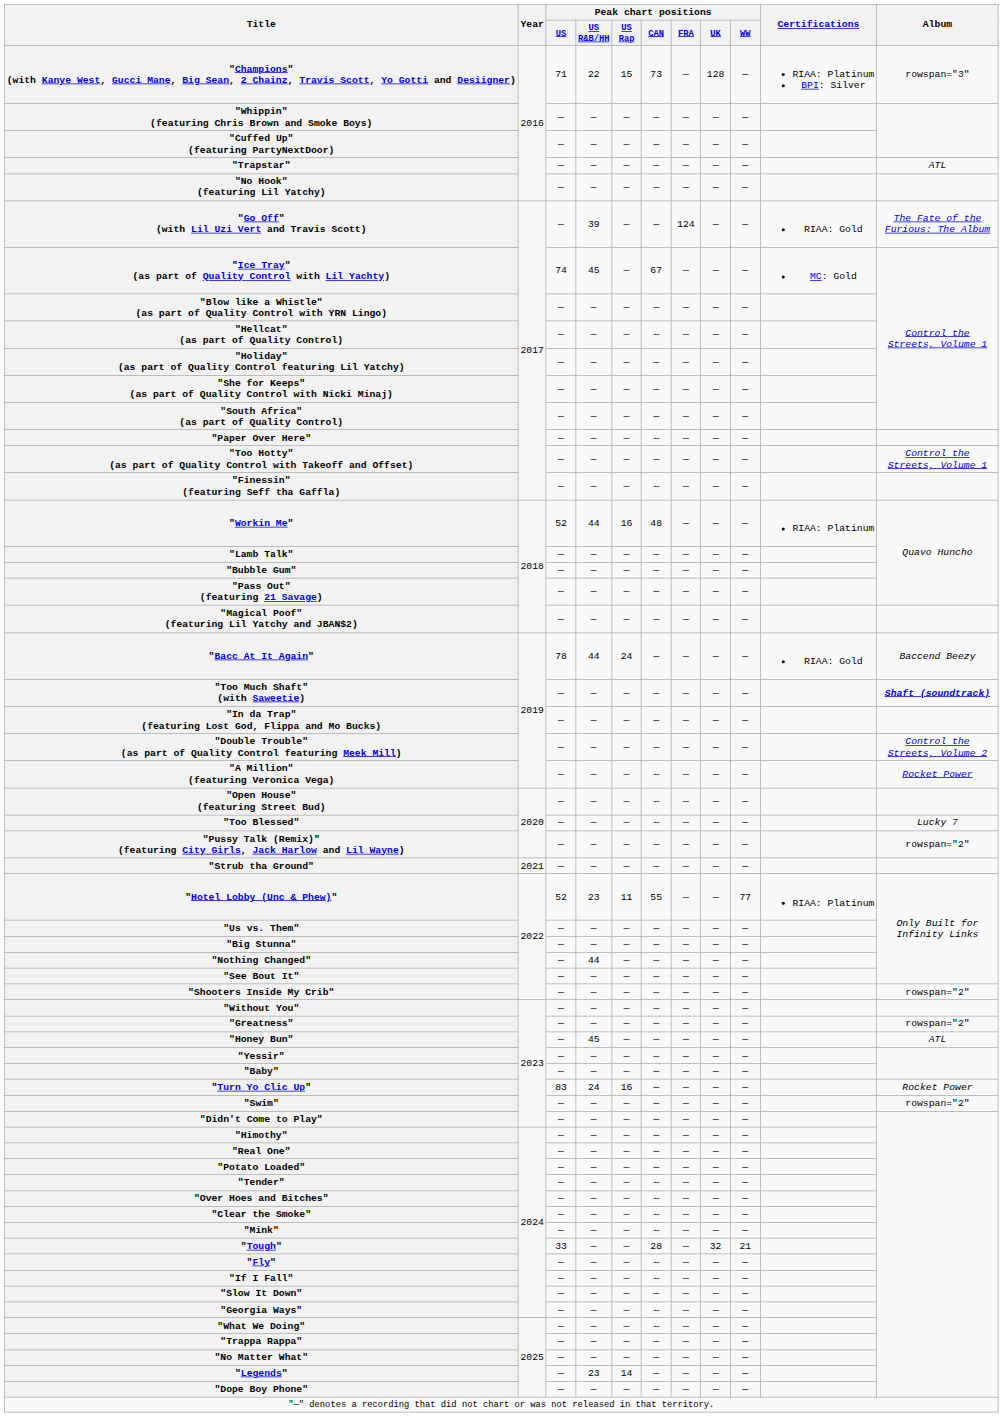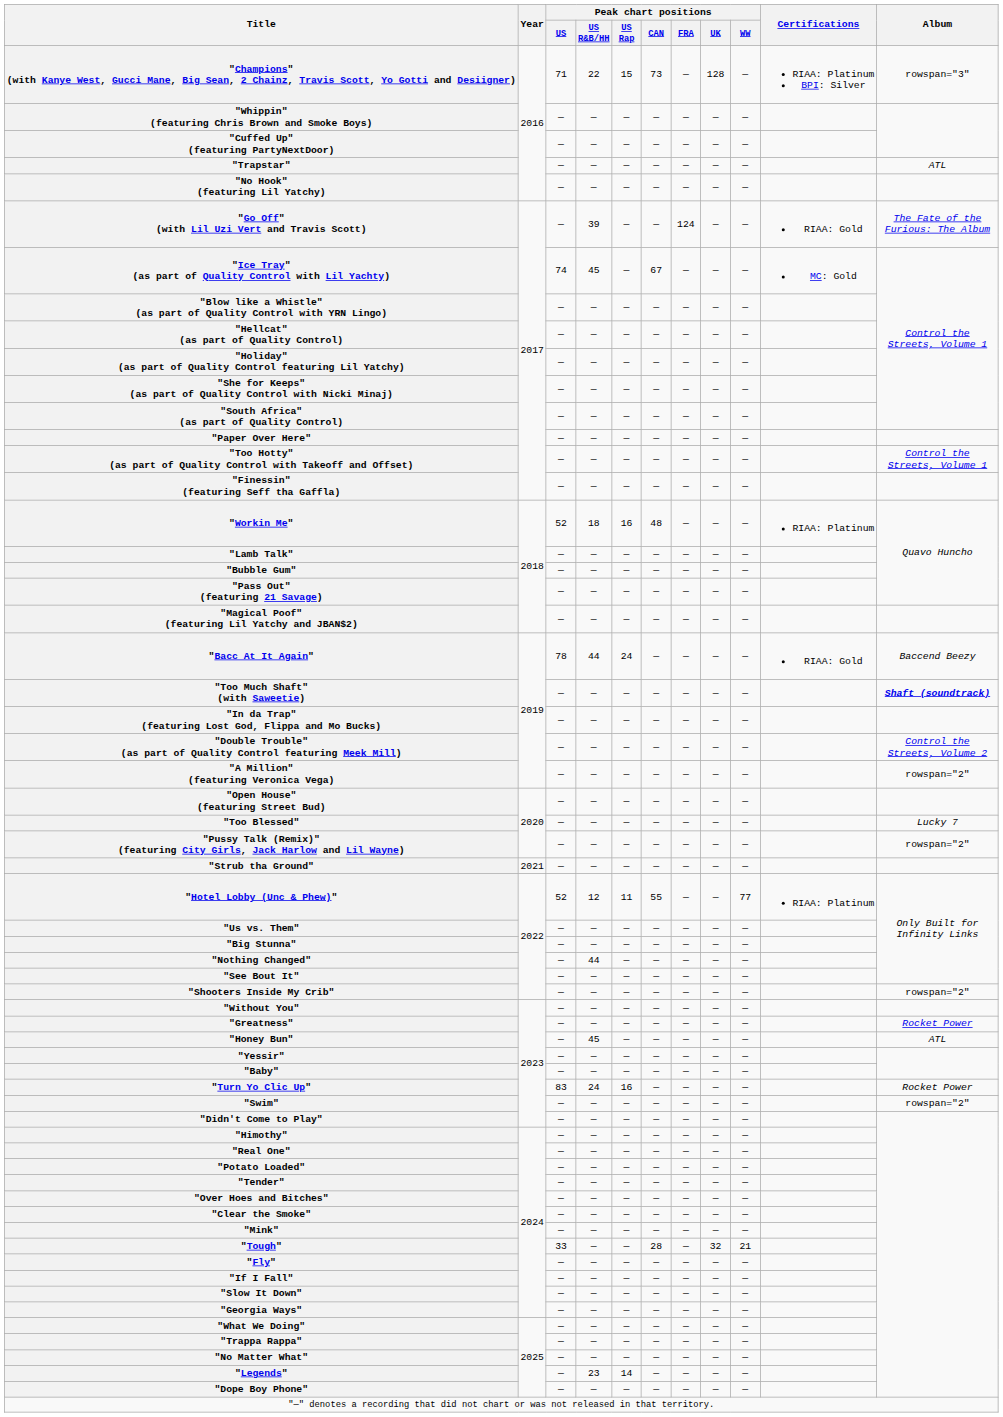 <table class="wikitable plainrowheaders" style="text-align:center;">
 <tr>
 <th scope="col" rowspan="2">Title</th>
 <th scope="col" rowspan="2">Year</th>
 <th scope="col" colspan="7">Peak chart positions</th>
 <th scope="col" rowspan="2"><a href='#'>Certifications</a></th>
 <th scope="col" rowspan="2" style="width:12em;">Album</th>
 </tr>
 <tr>
 <th scope="col" style="width:2.9em;font-size:90%;"><a href='#'>US</a><br></th>
 <th scope="col" style="width:2.9em;font-size:90%;"><a href='#'>US<br>R&B/HH</a><br></th>
 <th scope="col" style="width:2.9em;font-size:90%;"><a href='#'>US<br>Rap</a><br></th>
 <th scope="col" style="width:2.9em;font-size:90%;"><a href='#'>CAN</a><br></th>
 <th scope="col" style="width:2.9em;font-size:90%;"><a href='#'>FRA</a><br></th>
 <th scope="col" style="width:2.9em;font-size:90%;"><a href='#'>UK</a><br></th>
 <th scope="col" style="width:2.9em;font-size:90%;"><a href='#'>WW</a><br></th>
 </tr>
 <tr>
 <th scope="row">"<a href='#'>Champions</a>"<br><span>(with <a href='#'>Kanye West</a>, <a href='#'>Gucci Mane</a>, <a href='#'>Big Sean</a>, <a href='#'>2 Chainz</a>, <a href='#'>Travis Scott</a>, <a href='#'>Yo Gotti</a> and <a href='#'>Desiigner</a>)</span></th>
 <td rowspan="5">2016</td>
 <td>71</td>
 <td>22</td>
 <td>15</td>
 <td>73</td>
 <td>—</td>
 <td>128</td>
 <td>—</td>
 <td><br><ul><li>RIAA: Platinum</li><li><a href='#'>BPI</a>: Silver</li></ul></td>
 <td>rowspan="3" </td>
 </tr>
 <tr>
 <th scope="row">"Whippin" <span><br>(featuring Chris Brown and Smoke Boys)</span></th>
 <td>—</td>
 <td>—</td>
 <td>—</td>
 <td>—</td>
 <td>—</td>
 <td>—</td>
 <td>—</td>
 <td></td>
 </tr>
 <tr>
 <th scope="row">"Cuffed Up" <span><br>(featuring PartyNextDoor)</span></th>
 <td>—</td>
 <td>—</td>
 <td>—</td>
 <td>—</td>
 <td>—</td>
 <td>—</td>
 <td>—</td>
 <td></td>
 </tr>
 <tr>
 <th scope="row">"Trapstar"</th>
 <td>—</td>
 <td>—</td>
 <td>—</td>
 <td>—</td>
 <td>—</td>
 <td>—</td>
 <td>—</td>
 <td></td>
 <td><em>ATL</em></td>
 </tr>
 <tr>
 <th scope="row">"No Hook" <span><br>(featuring Lil Yatchy)</span></th>
 <td>—</td>
 <td>—</td>
 <td>—</td>
 <td>—</td>
 <td>—</td>
 <td>—</td>
 <td>—</td>
 <td></td>
 <td></td>
 </tr>
 <tr>
 <th scope="row">"<a href='#'>Go Off</a>"<br><span>(with <a href='#'>Lil Uzi Vert</a> and Travis Scott)</span></th>
 <td rowspan="10">2017</td>
 <td>— </td>
 <td>39</td>
 <td>—</td>
 <td>—</td>
 <td>124</td>
 <td>—</td>
 <td>—</td>
 <td><br><ul><li>RIAA: Gold</li></ul></td>
 <td><em><a href='#'>The Fate of the Furious: The Album</a></em></td>
 </tr>
 <tr>
 <th scope="row">"<a href='#'>Ice Tray</a>"<br><span>(as part of <a href='#'>Quality Control</a> with <a href='#'>Lil Yachty</a>)</span></th>
 <td>74</td>
 <td>45</td>
 <td>—</td>
 <td>67</td>
 <td>—</td>
 <td>—</td>
 <td>—</td>
 <td><br><ul><li><a href='#'>MC</a>: Gold</li></ul></td>
 <td rowspan="6"><em><a href='#'>Control the Streets, Volume 1</a></em></td>
 </tr>
 <tr>
 <th scope="row">"Blow like a Whistle"<br><span>(as part of Quality Control with YRN Lingo)</span></th>
 <td>—</td>
 <td>—</td>
 <td>—</td>
 <td>—</td>
 <td>—</td>
 <td>—</td>
 <td>—</td>
 <td></td>
 </tr>
 <tr>
 <th scope="row">"Hellcat"<br><span>(as part of Quality Control)</span></th>
 <td>—</td>
 <td>—</td>
 <td>—</td>
 <td>—</td>
 <td>—</td>
 <td>—</td>
 <td>—</td>
 <td></td>
 </tr>
 <tr>
 <th scope="row">"Holiday"<br><span>(as part of Quality Control featuring Lil Yatchy)</span></th>
 <td>—</td>
 <td>—</td>
 <td>—</td>
 <td>—</td>
 <td>—</td>
 <td>—</td>
 <td>—</td>
 <td></td>
 </tr>
 <tr>
 <th scope="row">"She for Keeps"<br><span>(as part of Quality Control with Nicki Minaj)</span></th>
 <td>—</td>
 <td>—</td>
 <td>—</td>
 <td>—</td>
 <td>—</td>
 <td>—</td>
 <td>—</td>
 <td></td>
 </tr>
 <tr>
 <th scope="row">"South Africa"<br><span>(as part of Quality Control)</span></th>
 <td>—</td>
 <td>—</td>
 <td>—</td>
 <td>—</td>
 <td>—</td>
 <td>—</td>
 <td>—</td>
 <td></td>
 </tr>
 <tr>
 <th scope="row">"Paper Over Here"</th>
 <td>—</td>
 <td>—</td>
 <td>—</td>
 <td>—</td>
 <td>—</td>
 <td>—</td>
 <td>—</td>
 <td></td>
 </tr>
 <tr>
 <th scope="row">"Too Hotty"<br><span>(as part of Quality Control with Takeoff and Offset)</span></th>
 <td>—</td>
 <td>—</td>
 <td>—</td>
 <td>—</td>
 <td>—</td>
 <td>—</td>
 <td>—</td>
 <td></td>
 <td><em><a href='#'>Control the Streets, Volume 1</a></em></td>
 </tr>
 <tr>
 <th scope="row">"Finessin" <span><br>(featuring Seff tha Gaffla)</span></th>
 <td>—</td>
 <td>—</td>
 <td>—</td>
 <td>—</td>
 <td>—</td>
 <td>—</td>
 <td>—</td>
 <td></td>
 <td></td>
 </tr>
 <tr>
 <th scope="row">"<a href='#'>Workin Me</a>"</th>
 <td rowspan="5">2018</td>
 <td>52</td>
-<td>44</td>
+<td>18</td>
 <td>16</td>
 <td>48</td>
 <td>—</td>
 <td>—</td>
 <td>—</td>
 <td><br><ul><li>RIAA: Platinum</li></ul></td>
 <td rowspan="4"><em>Quavo Huncho</em></td>
 </tr>
 <tr>
 <th scope="row">"Lamb Talk"</th>
 <td>—</td>
 <td>—</td>
 <td>—</td>
 <td>—</td>
 <td>—</td>
 <td>—</td>
 <td>—</td>
 <td></td>
 </tr>
 <tr>
 <th scope="row">"Bubble Gum"</th>
 <td>—</td>
 <td>—</td>
 <td>—</td>
 <td>—</td>
 <td>—</td>
 <td>—</td>
 <td>—</td>
 <td></td>
 </tr>
 <tr>
 <th scope="row">"Pass Out" <span><br>(featuring <a href='#'>21 Savage</a>)</span></th>
 <td>—</td>
 <td>—</td>
 <td>—</td>
 <td>—</td>
 <td>—</td>
 <td>—</td>
 <td>—</td>
 <td></td>
 </tr>
 <tr>
 <th scope="row">"Magical Poof" <span><br>(featuring Lil Yatchy and JBAN$2)</span></th>
 <td>—</td>
 <td>—</td>
 <td>—</td>
 <td>—</td>
 <td>—</td>
 <td>—</td>
 <td>—</td>
 <td></td>
 </tr>
 <tr>
 <th scope="row">"<a href='#'>Bacc At It Again</a>"<br></th>
 <td rowspan="5">2019</td>
 <td>78</td>
 <td>44</td>
 <td>24</td>
 <td>—</td>
 <td>—</td>
 <td>—</td>
 <td>—</td>
 <td><br><ul><li>RIAA: Gold</li></ul></td>
 <td><em>Baccend Beezy</em></td>
 </tr>
 <tr>
 <th scope="row">"Too Much Shaft" <span><br>(with <a href='#'>Saweetie</a>)</span></th>
 <td>—</td>
 <td>—</td>
 <td>—</td>
 <td>—</td>
 <td>—</td>
 <td>—</td>
 <td>—</td>
 <td></td>
 <td><strong><em><a href='#'>Shaft (soundtrack)</a></em></strong></td>
 </tr>
 <tr>
 <th scope="row">"In da Trap" <span><br>(featuring Lost God, Flippa and Mo Bucks)</span></th>
 <td>—</td>
 <td>—</td>
 <td>—</td>
 <td>—</td>
 <td>—</td>
 <td>—</td>
 <td>—</td>
 <td></td>
 <td></td>
 </tr>
 <tr>
 <th scope="row">"Double Trouble"<br><span>(as part of Quality Control featuring <a href='#'>Meek Mill</a>)</span></th>
 <td>—</td>
 <td>—</td>
 <td>—</td>
 <td>—</td>
 <td>—</td>
 <td>—</td>
 <td>—</td>
 <td></td>
 <td><em><a href='#'>Control the Streets, Volume 2</a></em></td>
 </tr>
 <tr>
 <th scope="row">"A Million" <span><br>(featuring Veronica Vega)</span></th>
 <td>—</td>
 <td>—</td>
 <td>—</td>
 <td>—</td>
 <td>—</td>
 <td>—</td>
 <td>—</td>
 <td></td>
-<td><em><a href='#'>Rocket Power</a></em></td>
+<td>rowspan="2" </td>
 </tr>
 <tr>
 <th scope="row">"Open House" <span><br>(featuring Street Bud)</span></th>
 <td rowspan="3">2020</td>
 <td>—</td>
 <td>—</td>
 <td>—</td>
 <td>—</td>
 <td>—</td>
 <td>—</td>
 <td>—</td>
 <td></td>
 </tr>
 <tr>
 <th scope="row">"Too Blessed"<br></th>
 <td>—</td>
 <td>—</td>
 <td>—</td>
 <td>—</td>
 <td>—</td>
 <td>—</td>
 <td>—</td>
 <td></td>
 <td><em>Lucky 7</em></td>
 </tr>
 <tr>
 <th scope="row">"Pussy Talk (Remix)" <span><br>(featuring <a href='#'>City Girls</a>, <a href='#'>Jack Harlow</a> and <a href='#'>Lil Wayne</a>)</span></th>
 <td>—</td>
 <td>—</td>
 <td>—</td>
 <td>—</td>
 <td>—</td>
 <td>—</td>
 <td>—</td>
 <td></td>
 <td>rowspan="2" </td>
 </tr>
 <tr>
 <th scope="row">"Strub tha Ground"<br></th>
 <td>2021</td>
 <td>—</td>
 <td>—</td>
 <td>—</td>
 <td>—</td>
 <td>—</td>
 <td>—</td>
 <td>—</td>
 <td></td>
 </tr>
 <tr>
 <th scope="row">"<a href='#'>Hotel Lobby (Unc & Phew)</a>"<br></th>
 <td rowspan="6">2022</td>
 <td>52</td>
-<td>23</td>
+<td>12</td>
 <td>11</td>
 <td>55</td>
 <td>—</td>
 <td>—</td>
 <td>77</td>
 <td><br><ul><li>RIAA: Platinum</li></ul></td>
 <td rowspan="5"><em>Only Built for Infinity Links</em></td>
 </tr>
 <tr>
 <th scope="row">"Us vs. Them"<br></th>
 <td>—</td>
 <td>—</td>
 <td>—</td>
 <td>—</td>
 <td>—</td>
 <td>—</td>
 <td>—</td>
 <td></td>
 </tr>
 <tr>
 <th scope="row">"Big Stunna"<br></th>
 <td>—</td>
 <td>—</td>
 <td>—</td>
 <td>—</td>
 <td>—</td>
 <td>—</td>
 <td>—</td>
 <td></td>
 </tr>
 <tr>
 <th scope="row">"Nothing Changed"<br></th>
 <td>—</td>
 <td>44</td>
 <td>—</td>
 <td>—</td>
 <td>—</td>
 <td>—</td>
 <td>—</td>
 <td></td>
 </tr>
 <tr>
 <th scope="row">"See Bout It"<br></th>
 <td>—</td>
 <td>—</td>
 <td>—</td>
 <td>—</td>
 <td>—</td>
 <td>—</td>
 <td>—</td>
 <td></td>
 </tr>
 <tr>
 <th scope="row">"Shooters Inside My Crib"</th>
 <td>—</td>
 <td>—</td>
 <td>—</td>
 <td>—</td>
 <td>—</td>
 <td>—</td>
 <td>—</td>
 <td></td>
 <td>rowspan="2" </td>
 </tr>
 <tr>
 <th scope="row">"Without You"</th>
 <td rowspan="8">2023</td>
 <td>—</td>
 <td>—</td>
 <td>—</td>
 <td>—</td>
 <td>—</td>
 <td>—</td>
 <td>—</td>
 <td></td>
 </tr>
 <tr>
 <th scope="row">"Greatness"</th>
 <td>—</td>
 <td>—</td>
 <td>—</td>
 <td>—</td>
 <td>—</td>
 <td>—</td>
 <td>—</td>
 <td></td>
-<td>rowspan="2" </td>
+<td><em><a href='#'>Rocket Power</a></em></td>
 </tr>
 <tr>
 <th scope="row">"Honey Bun"</th>
 <td>—</td>
 <td>45</td>
 <td>—</td>
 <td>—</td>
 <td>—</td>
 <td>—</td>
 <td>—</td>
 <td></td>
 <td><em>ATL</em></td>
 </tr>
 <tr>
 <th scope="row">"Yessir"<br></th>
 <td>—</td>
 <td>—</td>
 <td>—</td>
 <td>—</td>
 <td>—</td>
 <td>—</td>
 <td>—</td>
 <td></td>
 </tr>
 <tr>
 <th scope="row">"Baby"<br></th>
 <td>—</td>
 <td>—</td>
 <td>—</td>
 <td>—</td>
 <td>—</td>
 <td>—</td>
 <td>—</td>
 <td></td>
 </tr>
 <tr>
 <th scope="row">"<a href='#'>Turn Yo Clic Up</a>"<br></th>
 <td>83</td>
 <td>24</td>
 <td>16</td>
 <td>—</td>
 <td>—</td>
 <td>—</td>
 <td>—</td>
 <td></td>
 <td><em>Rocket Power</em></td>
 </tr>
 <tr>
 <th scope="row">"Swim"<br></th>
 <td>—</td>
 <td>—</td>
 <td>—</td>
 <td>—</td>
 <td>—</td>
 <td>—</td>
 <td>—</td>
 <td></td>
 <td>rowspan="2" </td>
 </tr>
 <tr>
 <th scope="row">"Didn't Come to Play"<br></th>
 <td>—</td>
 <td>—</td>
 <td>—</td>
 <td>—</td>
 <td>—</td>
 <td>—</td>
 <td>—</td>
 <td></td>
 </tr>
 <tr>
 <th scope="row">"Himothy"</th>
 <td rowspan="12">2024</td>
 <td>—</td>
 <td>—</td>
 <td>—</td>
 <td>—</td>
 <td>—</td>
 <td>—</td>
 <td>—</td>
 <td></td>
 </tr>
 <tr>
 <th scope="row">"Real One"<br></th>
 <td>—</td>
 <td>—</td>
 <td>—</td>
 <td>—</td>
 <td>—</td>
 <td>—</td>
 <td>—</td>
 <td></td>
 </tr>
 <tr>
 <th scope="row">"Potato Loaded"<br></th>
 <td>—</td>
 <td>—</td>
 <td>—</td>
 <td>—</td>
 <td>—</td>
 <td>—</td>
 <td>—</td>
 <td></td>
 </tr>
 <tr>
 <th scope="row">"Tender"</th>
 <td>—</td>
 <td>—</td>
 <td>—</td>
 <td>—</td>
 <td>—</td>
 <td>—</td>
 <td>—</td>
 <td></td>
 </tr>
 <tr>
 <th scope="row">"Over Hoes and Bitches"</th>
 <td>—</td>
 <td>—</td>
 <td>—</td>
 <td>—</td>
 <td>—</td>
 <td>—</td>
 <td>—</td>
 <td></td>
 </tr>
 <tr>
 <th scope="row">"Clear the Smoke"</th>
 <td>—</td>
 <td>—</td>
 <td>—</td>
 <td>—</td>
 <td>—</td>
 <td>—</td>
 <td>—</td>
 <td></td>
 </tr>
 <tr>
 <th scope="row">"Mink"</th>
 <td>—</td>
 <td>—</td>
 <td>—</td>
 <td>—</td>
 <td>—</td>
 <td>—</td>
 <td>—</td>
 <td></td>
 </tr>
 <tr>
 <th scope="row">"<a href='#'>Tough</a>"<br></th>
 <td>33</td>
 <td>—</td>
 <td>—</td>
 <td>28</td>
 <td>—</td>
 <td>32</td>
 <td>21</td>
 <td></td>
 </tr>
 <tr>
 <th scope="row">"<a href='#'>Fly</a>"<br></th>
 <td>—</td>
 <td>—</td>
 <td>—</td>
 <td>—</td>
 <td>—</td>
 <td>—</td>
 <td>—</td>
 <td></td>
 </tr>
 <tr>
 <th scope="row">"If I Fall"<br></th>
 <td>—</td>
 <td>—</td>
 <td>—</td>
 <td>—</td>
 <td>—</td>
 <td>—</td>
 <td>—</td>
 <td></td>
 </tr>
 <tr>
 <th scope="row">"Slow It Down"<br></th>
 <td>—</td>
 <td>—</td>
 <td>—</td>
 <td>—</td>
 <td>—</td>
 <td>—</td>
 <td>—</td>
 <td></td>
 </tr>
 <tr>
 <th scope="row">"Georgia Ways"<br></th>
 <td>—</td>
 <td>—</td>
 <td>—</td>
 <td>—</td>
 <td>—</td>
 <td>—</td>
 <td>—</td>
 <td></td>
 </tr>
 <tr>
 <th scope="row">"What We Doing"<br></th>
 <td rowspan="5">2025</td>
 <td>—</td>
 <td>—</td>
 <td>—</td>
 <td>—</td>
 <td>—</td>
 <td>—</td>
 <td>—</td>
 <td></td>
 </tr>
 <tr>
 <th scope="row">"Trappa Rappa"</th>
 <td>—</td>
 <td>—</td>
 <td>—</td>
 <td>—</td>
 <td>—</td>
 <td>—</td>
 <td>—</td>
 <td></td>
 </tr>
 <tr>
 <th scope="row">"No Matter What"<br></th>
 <td>—</td>
 <td>—</td>
 <td>—</td>
 <td>—</td>
 <td>—</td>
 <td>—</td>
 <td>—</td>
 <td></td>
 </tr>
 <tr>
 <th scope="row">"<a href='#'>Legends</a>"<br></th>
 <td>—</td>
 <td>23</td>
 <td>14</td>
 <td>—</td>
 <td>—</td>
 <td>—</td>
 <td>—</td>
 <td></td>
 </tr>
 <tr>
 <th scope="row">"Dope Boy Phone"</th>
 <td>—</td>
 <td>—</td>
 <td>—</td>
 <td>—</td>
 <td>—</td>
 <td>—</td>
 <td>—</td>
 <td></td>
 </tr>
 <tr>
 <td colspan="11" style="font-size:90%">"—" denotes a recording that did not chart or was not released in that territory.</td>
 </tr>
 </table>
